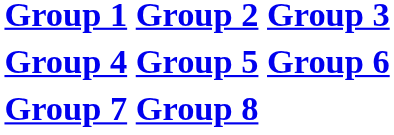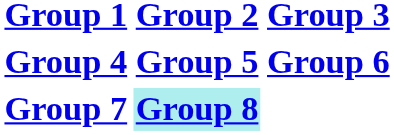 <table style="text-align:center;">
 <tr valign=top>
 <td><strong><a href='#'>Group 1</a></strong><br></td>
 <td><strong><a href='#'>Group 2</a></strong><br></td>
 <td><strong><a href='#'>Group 3</a></strong><br></td>
 </tr>
 <tr valign=top>
 <td><strong><a href='#'>Group 4</a></strong><br></td>
 <td><strong><a href='#'>Group 5</a></strong><br></td>
 <td><strong><a href='#'>Group 6</a></strong><br></td>
 </tr>
 <tr valign=top>
 <td><strong><a href='#'>Group 7</a></strong><br></td>
-<td><strong><a href='#'>Group 8</a></strong><br></td>
+<td style="background: paleturquoise;"><strong><a href='#'>Group 8</a></strong><br></td>
 </tr>
 </table>
